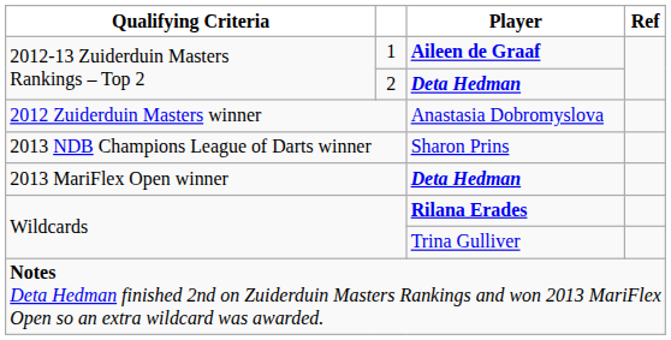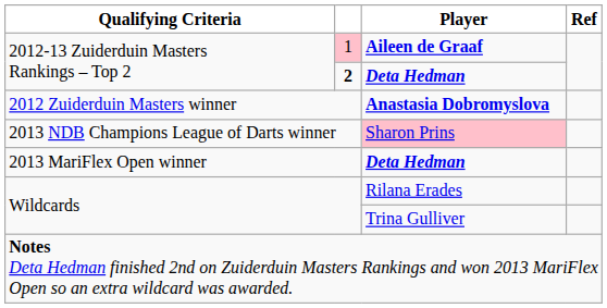 <table class="wikitable sortable collapsible collapsed" style="font-size:85%;">
 <tr>
 <th style="background:#ffffff; color:black;">Qualifying Criteria</th>
 <th style="background:#ffffff; color:black;"></th>
 <th style="background:#ffffff; color:black;">Player</th>
 <th style="background:#ffffff; color:black;">Ref</th>
 </tr>
 <tr>
 <td rowspan=2>2012-13 Zuiderduin Masters<br>Rankings – Top 2</td>
-<td style="text-align: center;">1</td>
+<td style="background: pink; text-align: center;">1</td>
 <td> <strong><a href='#'>Aileen de Graaf</a></strong></td>
 <td rowspan=2></td>
 </tr>
 <tr>
-<td style="text-align: center;">2</td>
+<td style="text-align: center;"><strong>2</strong></td>
 <td> <strong><em><a href='#'>Deta Hedman</a></em></strong></td>
 </tr>
 <tr>
 <td colspan=2><a href='#'>2012 Zuiderduin Masters</a> winner</td>
-<td> <a href='#'>Anastasia Dobromyslova</a></td>
+<td><strong> <a href='#'>Anastasia Dobromyslova</a></strong></td>
 <td></td>
 </tr>
 <tr>
 <td colspan=2>2013 <a href='#'>NDB</a> Champions League of Darts winner</td>
-<td> <a href='#'>Sharon Prins</a></td>
+<td style="background: pink;"> <a href='#'>Sharon Prins</a></td>
 <td></td>
 </tr>
 <tr>
 <td colspan=2>2013 MariFlex Open winner</td>
 <td> <strong><em><a href='#'>Deta Hedman</a></em></strong></td>
 <td></td>
 </tr>
 <tr>
 <td rowspan=2 colspan=2>Wildcards</td>
-<td><strong> <a href='#'>Rilana Erades</a></strong></td>
+<td> <a href='#'>Rilana Erades</a></td>
 <td></td>
 </tr>
 <tr>
 <td> <a href='#'>Trina Gulliver</a></td>
 <td></td>
 </tr>
 <tr>
 <td colspan=4><strong>Notes</strong><br><em><a href='#'>Deta Hedman</a> finished 2nd on Zuiderduin Masters Rankings and won 2013 MariFlex<br>Open so an extra wildcard was awarded.</em></td>
 </tr>
 </table>
